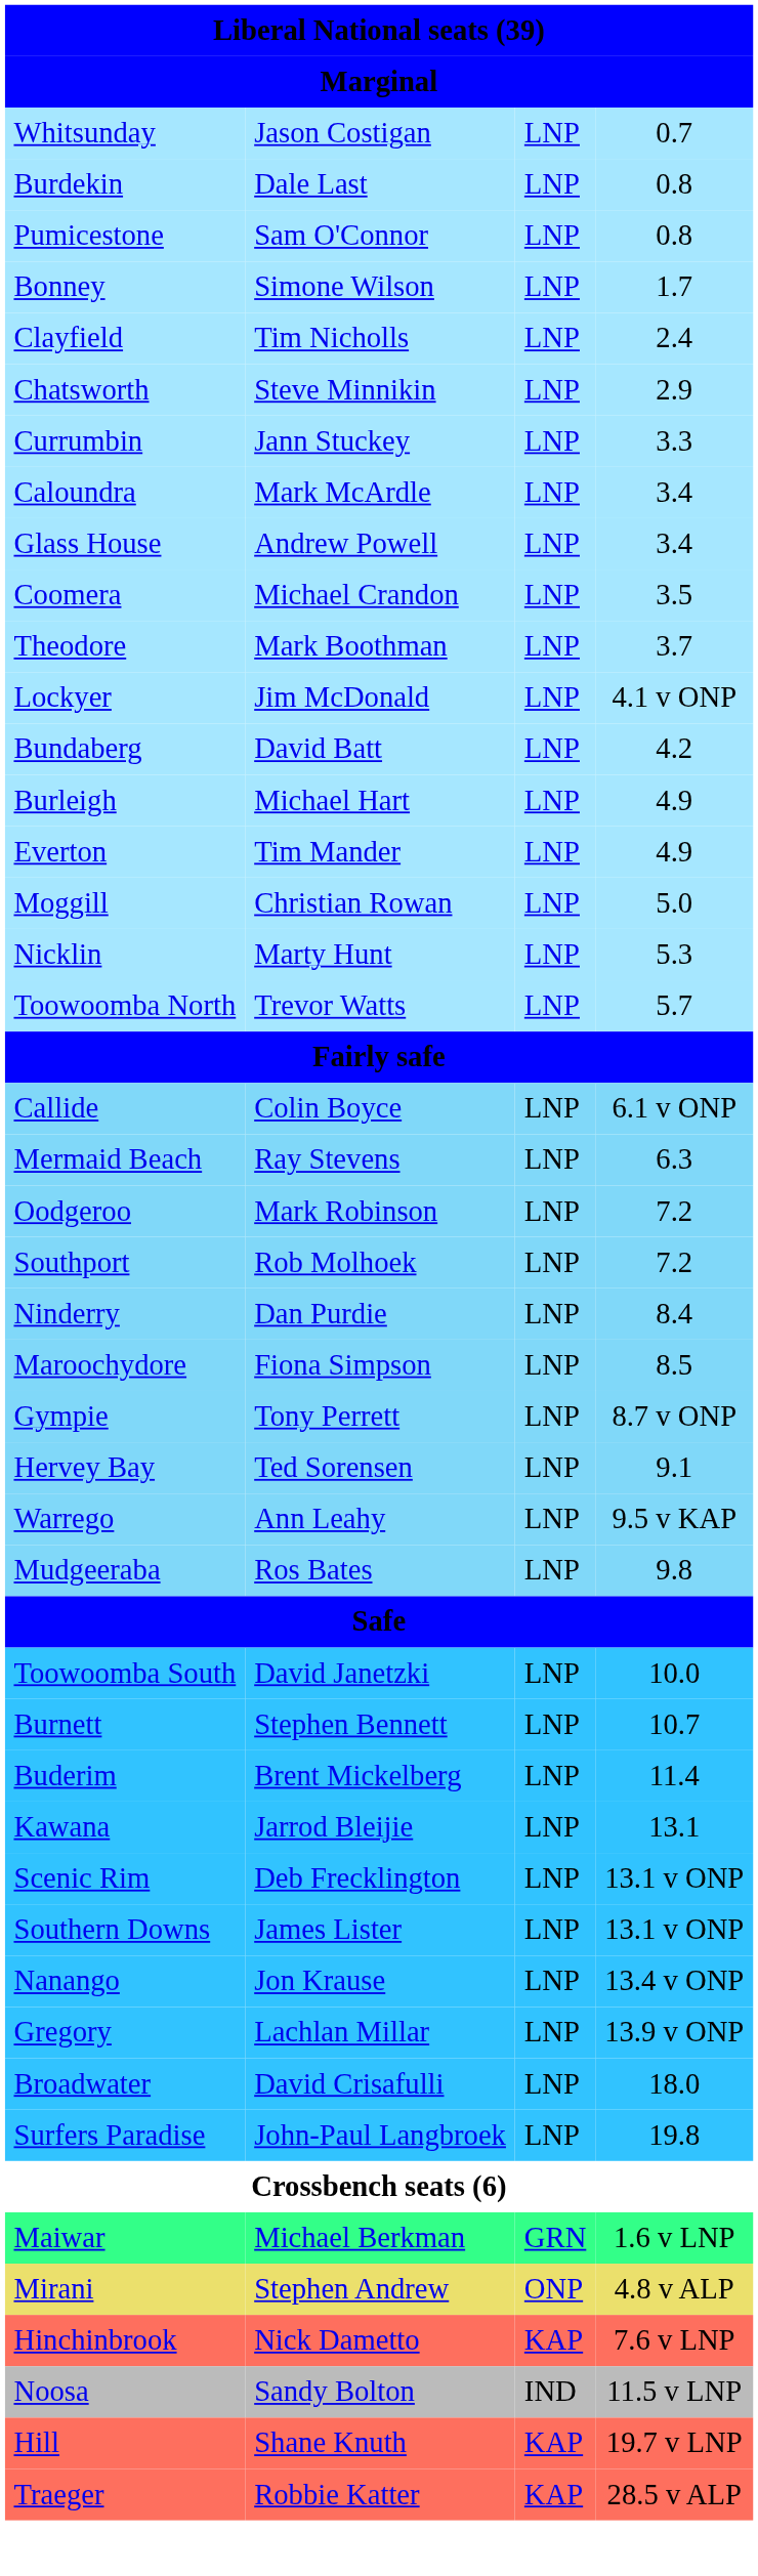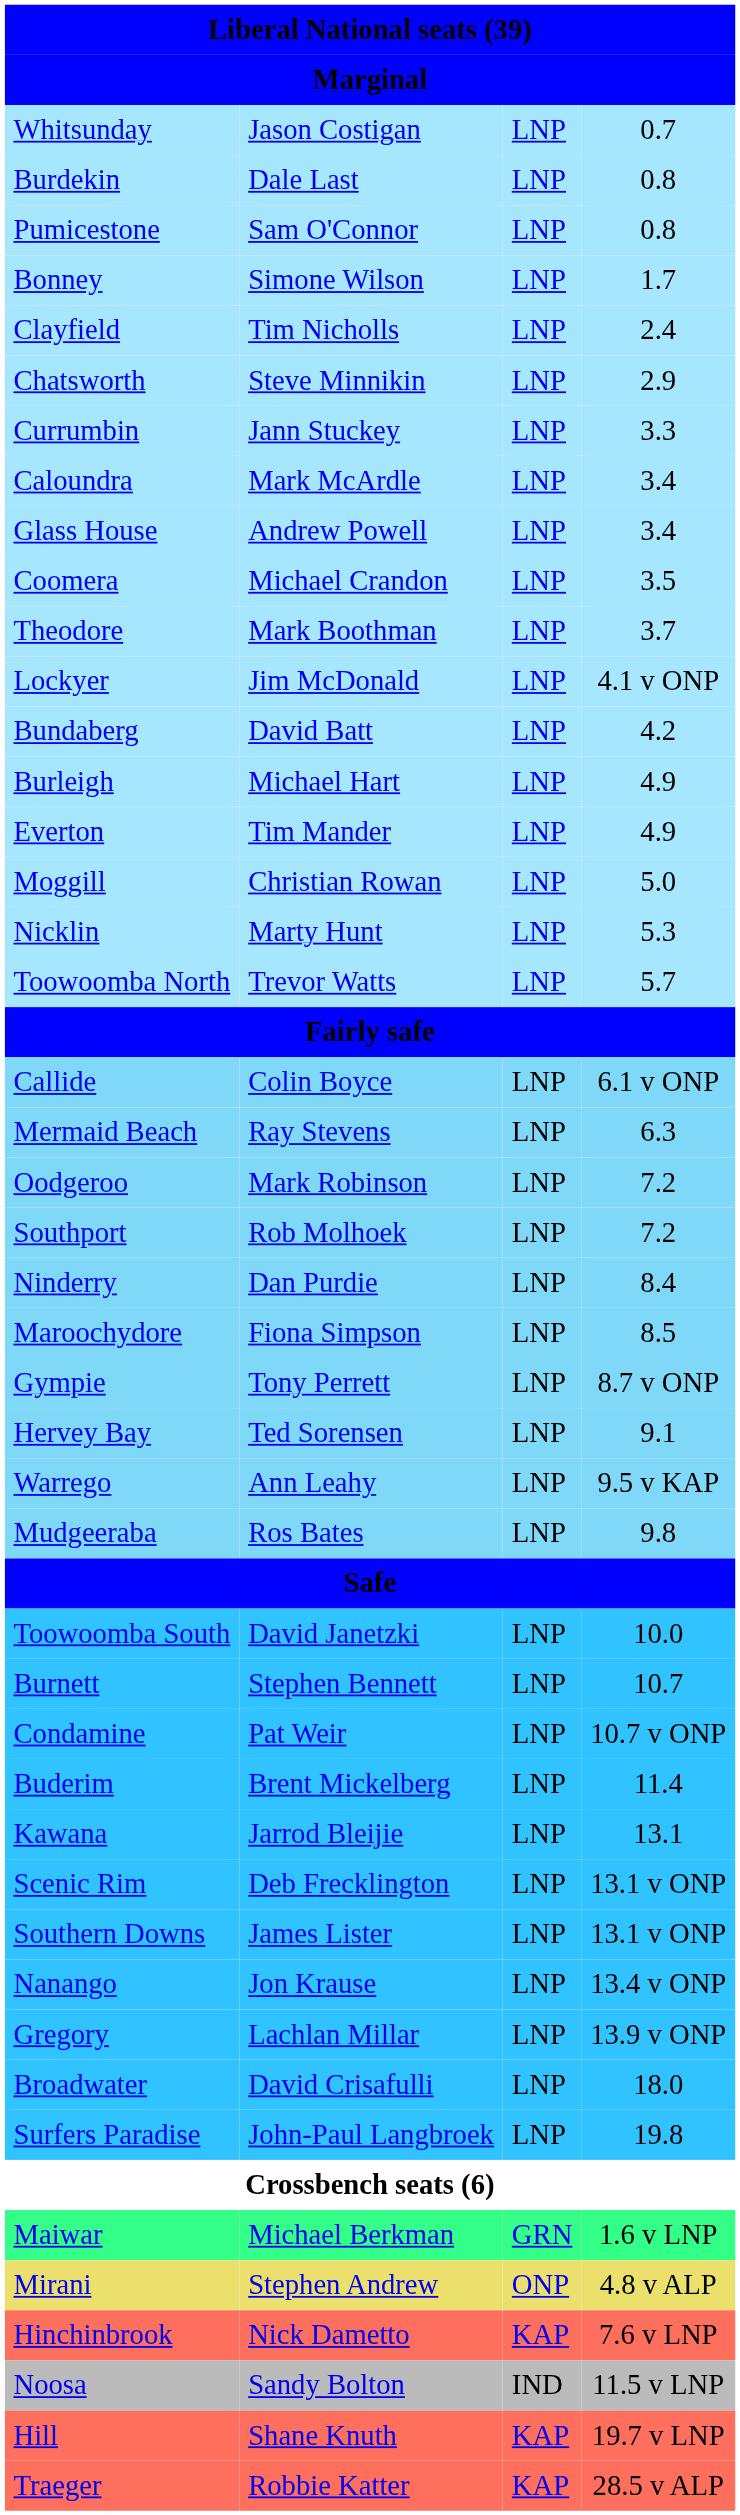 <table class="toccolours" align="left" cellpadding="5" cellspacing="0" style="margin-right: .5em; margin-top: .4em; font-size: 90 points; float:right">
 <tr>
 <td colspan=4 align="center" bgcolor="blue"><span><strong>Liberal National seats (39)</strong></span></td>
 </tr>
 <tr>
 <td colspan=4 align="center" bgcolor="blue"><span><strong>Marginal</strong></span></td>
 </tr>
 <tr>
 <td style="text-align:left; background:#a6e7ff;"><a href='#'>Whitsunday</a></td>
 <td style="text-align:left; background:#a6e7ff;"><a href='#'>Jason Costigan</a></td>
 <td style="text-align:left; background:#a6e7ff;"><a href='#'>LNP</a></td>
 <td style="text-align:center; background:#a6e7ff;">0.7</td>
 </tr>
 <tr>
 <td style="text-align:left; background:#a6e7ff;"><a href='#'>Burdekin</a></td>
 <td style="text-align:left; background:#a6e7ff;"><a href='#'>Dale Last</a></td>
 <td style="text-align:left; background:#a6e7ff;"><a href='#'>LNP</a></td>
 <td style="text-align:center; background:#a6e7ff;">0.8</td>
 </tr>
 <tr>
 <td style="text-align:left; background:#a6e7ff;"><a href='#'>Pumicestone</a></td>
 <td style="text-align:left; background:#a6e7ff;"><a href='#'>Sam O'Connor</a></td>
 <td style="text-align:left; background:#a6e7ff;"><a href='#'>LNP</a></td>
 <td style="text-align:center; background:#a6e7ff;">0.8</td>
 </tr>
 <tr>
 <td style="text-align:left; background:#a6e7ff;"><a href='#'>Bonney</a></td>
 <td style="text-align:left; background:#a6e7ff;"><a href='#'>Simone Wilson</a></td>
 <td style="text-align:left; background:#a6e7ff;"><a href='#'>LNP</a></td>
 <td style="text-align:center; background:#a6e7ff;">1.7</td>
 </tr>
 <tr>
 <td style="text-align:left; background:#a6e7ff;"><a href='#'>Clayfield</a></td>
 <td style="text-align:left; background:#a6e7ff;"><a href='#'>Tim Nicholls</a></td>
 <td style="text-align:left; background:#a6e7ff;"><a href='#'>LNP</a></td>
 <td style="text-align:center; background:#a6e7ff;">2.4</td>
 </tr>
 <tr>
 <td style="text-align:left; background:#a6e7ff;"><a href='#'>Chatsworth</a></td>
 <td style="text-align:left; background:#a6e7ff;"><a href='#'>Steve Minnikin</a></td>
 <td style="text-align:left; background:#a6e7ff;"><a href='#'>LNP</a></td>
 <td style="text-align:center; background:#a6e7ff;">2.9</td>
 </tr>
 <tr>
 <td style="text-align:left; background:#a6e7ff;"><a href='#'>Currumbin</a></td>
 <td style="text-align:left; background:#a6e7ff;"><a href='#'>Jann Stuckey</a></td>
 <td style="text-align:left; background:#a6e7ff;"><a href='#'>LNP</a></td>
 <td style="text-align:center; background:#a6e7ff;">3.3</td>
 </tr>
 <tr>
 <td style="text-align:left; background:#a6e7ff;"><a href='#'>Caloundra</a></td>
 <td style="text-align:left; background:#a6e7ff;"><a href='#'>Mark McArdle</a></td>
 <td style="text-align:left; background:#a6e7ff;"><a href='#'>LNP</a></td>
 <td style="text-align:center; background:#a6e7ff;">3.4</td>
 </tr>
 <tr>
 <td style="text-align:left; background:#a6e7ff;"><a href='#'>Glass House</a></td>
 <td style="text-align:left; background:#a6e7ff;"><a href='#'>Andrew Powell</a></td>
 <td style="text-align:left; background:#a6e7ff;"><a href='#'>LNP</a></td>
 <td style="text-align:center; background:#a6e7ff;">3.4</td>
 </tr>
 <tr>
 <td style="text-align:left; background:#a6e7ff;"><a href='#'>Coomera</a></td>
 <td style="text-align:left; background:#a6e7ff;"><a href='#'>Michael Crandon</a></td>
 <td style="text-align:left; background:#a6e7ff;"><a href='#'>LNP</a></td>
 <td style="text-align:center; background:#a6e7ff;">3.5</td>
 </tr>
 <tr>
 <td style="text-align:left; background:#a6e7ff;"><a href='#'>Theodore</a></td>
 <td style="text-align:left; background:#a6e7ff;"><a href='#'>Mark Boothman</a></td>
 <td style="text-align:left; background:#a6e7ff;"><a href='#'>LNP</a></td>
 <td style="text-align:center; background:#a6e7ff;">3.7</td>
 </tr>
 <tr>
 <td style="text-align:left; background:#a6e7ff;"><a href='#'>Lockyer</a></td>
 <td style="text-align:left; background:#a6e7ff;"><a href='#'>Jim McDonald</a></td>
 <td style="text-align:left; background:#a6e7ff;"><a href='#'>LNP</a></td>
 <td style="text-align:center; background:#a6e7ff;">4.1 v ONP</td>
 </tr>
 <tr>
 <td style="text-align:left; background:#a6e7ff;"><a href='#'>Bundaberg</a></td>
 <td style="text-align:left; background:#a6e7ff;"><a href='#'>David Batt</a></td>
 <td style="text-align:left; background:#a6e7ff;"><a href='#'>LNP</a></td>
 <td style="text-align:center; background:#a6e7ff;">4.2</td>
 </tr>
 <tr>
 <td style="text-align:left; background:#a6e7ff;"><a href='#'>Burleigh</a></td>
 <td style="text-align:left; background:#a6e7ff;"><a href='#'>Michael Hart</a></td>
 <td style="text-align:left; background:#a6e7ff;"><a href='#'>LNP</a></td>
 <td style="text-align:center; background:#a6e7ff;">4.9</td>
 </tr>
 <tr>
 <td style="text-align:left; background:#a6e7ff;"><a href='#'>Everton</a></td>
 <td style="text-align:left; background:#a6e7ff;"><a href='#'>Tim Mander</a></td>
 <td style="text-align:left; background:#a6e7ff;"><a href='#'>LNP</a></td>
 <td style="text-align:center; background:#a6e7ff;">4.9</td>
 </tr>
 <tr>
 <td style="text-align:left; background:#a6e7ff;"><a href='#'>Moggill</a></td>
 <td style="text-align:left; background:#a6e7ff;"><a href='#'>Christian Rowan</a></td>
 <td style="text-align:left; background:#a6e7ff;"><a href='#'>LNP</a></td>
 <td style="text-align:center; background:#a6e7ff;">5.0</td>
 </tr>
 <tr>
 <td style="text-align:left; background:#a6e7ff;"><a href='#'>Nicklin</a></td>
 <td style="text-align:left; background:#a6e7ff;"><a href='#'>Marty Hunt</a></td>
 <td style="text-align:left; background:#a6e7ff;"><a href='#'>LNP</a></td>
 <td style="text-align:center; background:#a6e7ff;">5.3</td>
 </tr>
 <tr>
 <td style="text-align:left; background:#a6e7ff;"><a href='#'>Toowoomba North</a></td>
 <td style="text-align:left; background:#a6e7ff;"><a href='#'>Trevor Watts</a></td>
 <td style="text-align:left; background:#a6e7ff;"><a href='#'>LNP</a></td>
 <td style="text-align:center; background:#a6e7ff;">5.7</td>
 </tr>
 <tr>
 <td COLSPAN=4 align="center" bgcolor="blue"><span><strong>Fairly safe</strong></span></td>
 </tr>
 <tr>
 <td align="left" bgcolor="80D8F9"><a href='#'>Callide</a></td>
 <td align="left" bgcolor="80D8F9"><a href='#'>Colin Boyce</a></td>
 <td align="left" bgcolor="80D8F9">LNP</td>
 <td align="center" bgcolor="80D8F9">6.1 v ONP</td>
 </tr>
 <tr>
 <td align="left" bgcolor="80D8F9"><a href='#'>Mermaid Beach</a></td>
 <td align="left" bgcolor="80D8F9"><a href='#'>Ray Stevens</a></td>
 <td align="left" bgcolor="80D8F9">LNP</td>
 <td align="center" bgcolor="80D8F9">6.3</td>
 </tr>
 <tr>
 <td align="left" bgcolor="80D8F9"><a href='#'>Oodgeroo</a></td>
 <td align="left" bgcolor="80D8F9"><a href='#'>Mark Robinson</a></td>
 <td align="left" bgcolor="80D8F9">LNP</td>
 <td align="center" bgcolor="80D8F9">7.2</td>
 </tr>
 <tr>
 <td align="left" bgcolor="80D8F9"><a href='#'>Southport</a></td>
 <td align="left" bgcolor="80D8F9"><a href='#'>Rob Molhoek</a></td>
 <td align="left" bgcolor="80D8F9">LNP</td>
 <td align="center" bgcolor="80D8F9">7.2</td>
 </tr>
 <tr>
 <td align="left" bgcolor="80D8F9"><a href='#'>Ninderry</a></td>
 <td align="left" bgcolor="80D8F9"><a href='#'>Dan Purdie</a></td>
 <td align="left" bgcolor="80D8F9">LNP</td>
 <td align="center" bgcolor="80D8F9">8.4</td>
 </tr>
 <tr>
 <td align="left" bgcolor="80D8F9"><a href='#'>Maroochydore</a></td>
 <td align="left" bgcolor="80D8F9"><a href='#'>Fiona Simpson</a></td>
 <td align="left" bgcolor="80D8F9">LNP</td>
 <td align="center" bgcolor="80D8F9">8.5</td>
 </tr>
 <tr>
 <td align="left" bgcolor="80D8F9"><a href='#'>Gympie</a></td>
 <td align="left" bgcolor="80D8F9"><a href='#'>Tony Perrett</a></td>
 <td align="left" bgcolor="80D8F9">LNP</td>
 <td align="center" bgcolor="80D8F9">8.7 v ONP</td>
 </tr>
 <tr>
 <td align="left" bgcolor="80D8F9"><a href='#'>Hervey Bay</a></td>
 <td align="left" bgcolor="80D8F9"><a href='#'>Ted Sorensen</a></td>
 <td align="left" bgcolor="80D8F9">LNP</td>
 <td align="center" bgcolor="80D8F9">9.1</td>
 </tr>
 <tr>
 <td align="left" bgcolor="80D8F9"><a href='#'>Warrego</a></td>
 <td align="left" bgcolor="80D8F9"><a href='#'>Ann Leahy</a></td>
 <td align="left" bgcolor="80D8F9">LNP</td>
 <td align="center" bgcolor="80D8F9">9.5 v KAP</td>
 </tr>
 <tr>
 <td align="left" bgcolor="80D8F9"><a href='#'>Mudgeeraba</a></td>
 <td align="left" bgcolor="80D8F9"><a href='#'>Ros Bates</a></td>
 <td align="left" bgcolor="80D8F9">LNP</td>
 <td align="center" bgcolor="80D8F9">9.8</td>
 </tr>
 <tr>
 <td COLSPAN=4 align="center" bgcolor="blue"><span><strong>Safe</strong></span></td>
 </tr>
 <tr>
 <td align="left" bgcolor="31C3FF"><a href='#'>Toowoomba South</a></td>
 <td align="left" bgcolor="31C3FF"><a href='#'>David Janetzki</a></td>
 <td align="left" bgcolor="31C3FF">LNP</td>
 <td align="center" bgcolor="31C3FF">10.0</td>
 </tr>
 <tr>
 <td align="left" bgcolor="31C3FF"><a href='#'>Burnett</a></td>
 <td align="left" bgcolor="31C3FF"><a href='#'>Stephen Bennett</a></td>
 <td align="left" bgcolor="31C3FF">LNP</td>
 <td align="center" bgcolor="31C3FF">10.7</td>
 </tr>
 <tr>
+<td align="left" bgcolor="31C3FF"><a href='#'>Condamine</a></td>
+<td align="left" bgcolor="31C3FF"><a href='#'>Pat Weir</a></td>
+<td align="left" bgcolor="31C3FF">LNP</td>
+<td align="center" bgcolor="31C3FF">10.7 v ONP</td>
+</tr>
+<tr>
 <td align="left" bgcolor="31C3FF"><a href='#'>Buderim</a></td>
 <td align="left" bgcolor="31C3FF"><a href='#'>Brent Mickelberg</a></td>
 <td align="left" bgcolor="31C3FF">LNP</td>
 <td align="center" bgcolor="31C3FF">11.4</td>
 </tr>
 <tr>
 <td align="left" bgcolor="31C3FF"><a href='#'>Kawana</a></td>
 <td align="left" bgcolor="31C3FF"><a href='#'>Jarrod Bleijie</a></td>
 <td align="left" bgcolor="31C3FF">LNP</td>
 <td align="center" bgcolor="31C3FF">13.1</td>
 </tr>
 <tr>
 <td align="left" bgcolor="31C3FF"><a href='#'>Scenic Rim</a></td>
 <td align="left" bgcolor="31C3FF"><a href='#'>Deb Frecklington</a></td>
 <td align="left" bgcolor="31C3FF">LNP</td>
 <td align="center" bgcolor="31C3FF">13.1 v ONP</td>
 </tr>
 <tr>
 <td align="left" bgcolor="31C3FF"><a href='#'>Southern Downs</a></td>
 <td align="left" bgcolor="31C3FF"><a href='#'>James Lister</a></td>
 <td align="left" bgcolor="31C3FF">LNP</td>
 <td align="center" bgcolor="31C3FF">13.1 v ONP</td>
 </tr>
 <tr>
 <td align="left" bgcolor="31C3FF"><a href='#'>Nanango</a></td>
 <td align="left" bgcolor="31C3FF"><a href='#'>Jon Krause</a></td>
 <td align="left" bgcolor="31C3FF">LNP</td>
 <td align="center" bgcolor="31C3FF">13.4 v ONP</td>
 </tr>
 <tr>
 <td align="left" bgcolor="31C3FF"><a href='#'>Gregory</a></td>
 <td align="left" bgcolor="31C3FF"><a href='#'>Lachlan Millar</a></td>
 <td align="left" bgcolor="31C3FF">LNP</td>
 <td align="center" bgcolor="31C3FF">13.9 v ONP</td>
 </tr>
 <tr>
 <td align="left" bgcolor="31C3FF"><a href='#'>Broadwater</a></td>
 <td align="left" bgcolor="31C3FF"><a href='#'>David Crisafulli</a></td>
 <td align="left" bgcolor="31C3FF">LNP</td>
 <td align="center" bgcolor="31C3FF">18.0</td>
 </tr>
 <tr>
 <td align="left" bgcolor="31C3FF"><a href='#'>Surfers Paradise</a></td>
 <td align="left" bgcolor="31C3FF"><a href='#'>John-Paul Langbroek</a></td>
 <td align="left" bgcolor="31C3FF">LNP</td>
 <td align="center" bgcolor="31C3FF">19.8</td>
 </tr>
 <tr>
 <td COLSPAN=4 align="center"><strong>Crossbench seats (6)</strong></td>
 </tr>
 <tr>
 <td align="left" bgcolor="33ff88"><a href='#'>Maiwar</a></td>
 <td align="left" bgcolor="33ff88"><a href='#'>Michael Berkman</a></td>
 <td align="left" bgcolor="33ff88"><a href='#'>GRN</a></td>
 <td align="center" bgcolor="33ff88">1.6 v LNP</td>
 </tr>
 <tr>
 <td align="left" bgcolor="EBE06C"><a href='#'>Mirani</a></td>
 <td align="left" bgcolor="EBE06C"><a href='#'>Stephen Andrew</a></td>
 <td align="left" bgcolor="EBE06C"><a href='#'>ONP</a></td>
 <td align="center" bgcolor="EBE06C">4.8 v ALP</td>
 </tr>
 <tr>
 <td align="left" bgcolor="fe6f5e"><a href='#'>Hinchinbrook</a></td>
 <td align="left" bgcolor="fe6f5e"><a href='#'>Nick Dametto</a></td>
 <td align="left" bgcolor="fe6f5e"><a href='#'>KAP</a></td>
 <td align="center" bgcolor="fe6f5e">7.6 v LNP</td>
 </tr>
 <tr>
 <td align="left" bgcolor="BBBBBB"><a href='#'>Noosa</a></td>
 <td align="left" bgcolor="BBBBBB"><a href='#'>Sandy Bolton</a></td>
 <td align="left" bgcolor="BBBBBB">IND</td>
 <td align="center" bgcolor="BBBBBB">11.5 v LNP</td>
 </tr>
 <tr>
 <td align="left" bgcolor="fe6f5e"><a href='#'>Hill</a></td>
 <td align="left" bgcolor="fe6f5e"><a href='#'>Shane Knuth</a></td>
 <td align="left" bgcolor="fe6f5e"><a href='#'>KAP</a></td>
 <td align="center" bgcolor="fe6f5e">19.7 v LNP</td>
 </tr>
 <tr>
 <td align="left" bgcolor="fe6f5e"><a href='#'>Traeger</a></td>
 <td align="left" bgcolor="fe6f5e"><a href='#'>Robbie Katter</a></td>
 <td align="left" bgcolor="fe6f5e"><a href='#'>KAP</a></td>
 <td align="center" bgcolor="fe6f5e">28.5 v ALP</td>
 </tr>
 <tr>
 </tr>
 </table>
